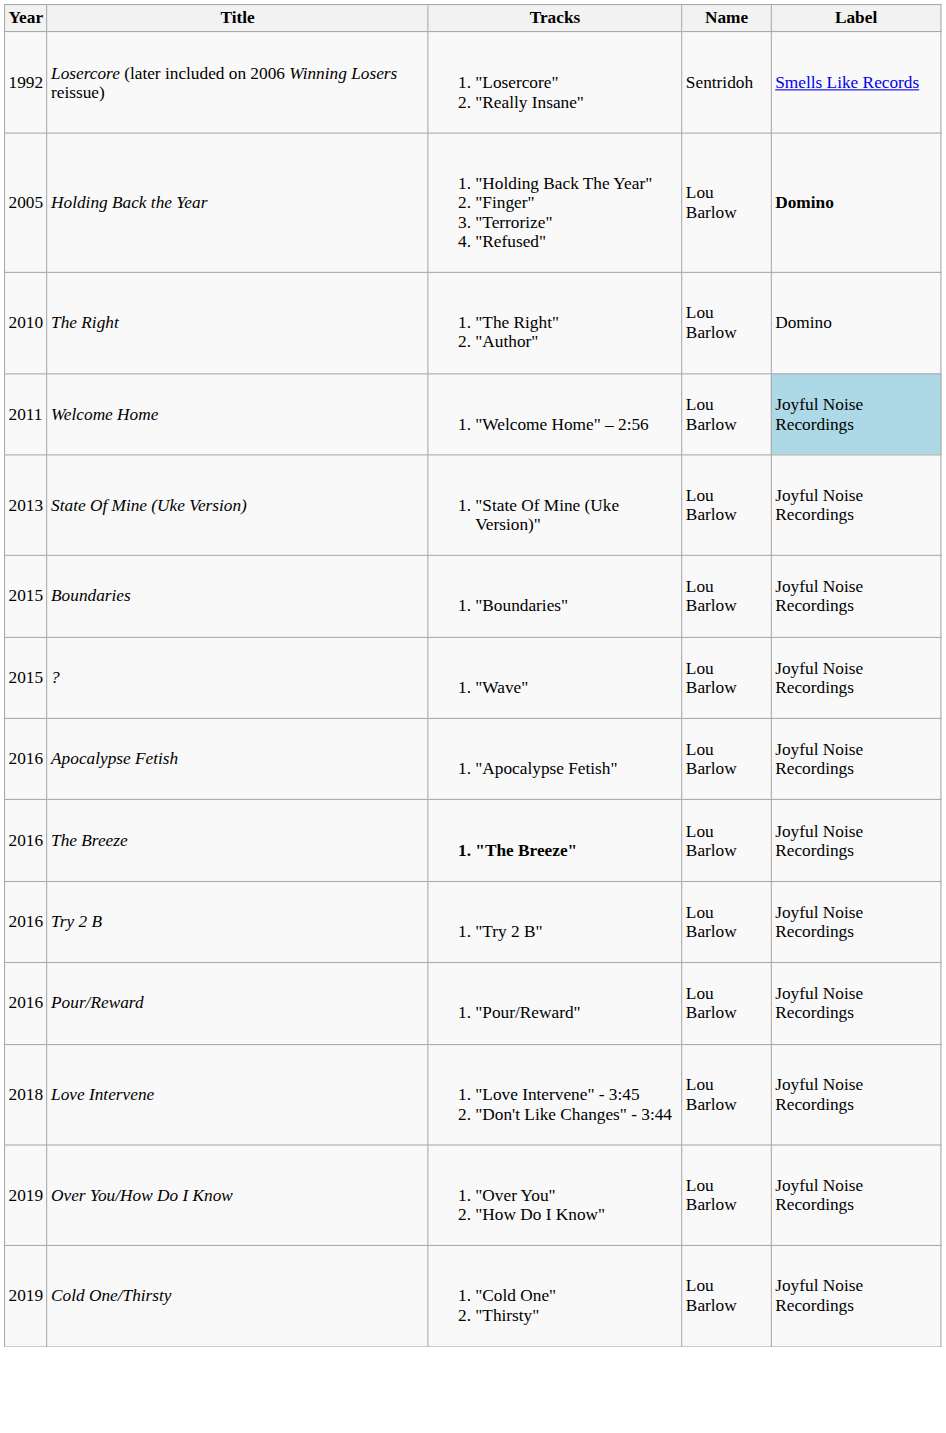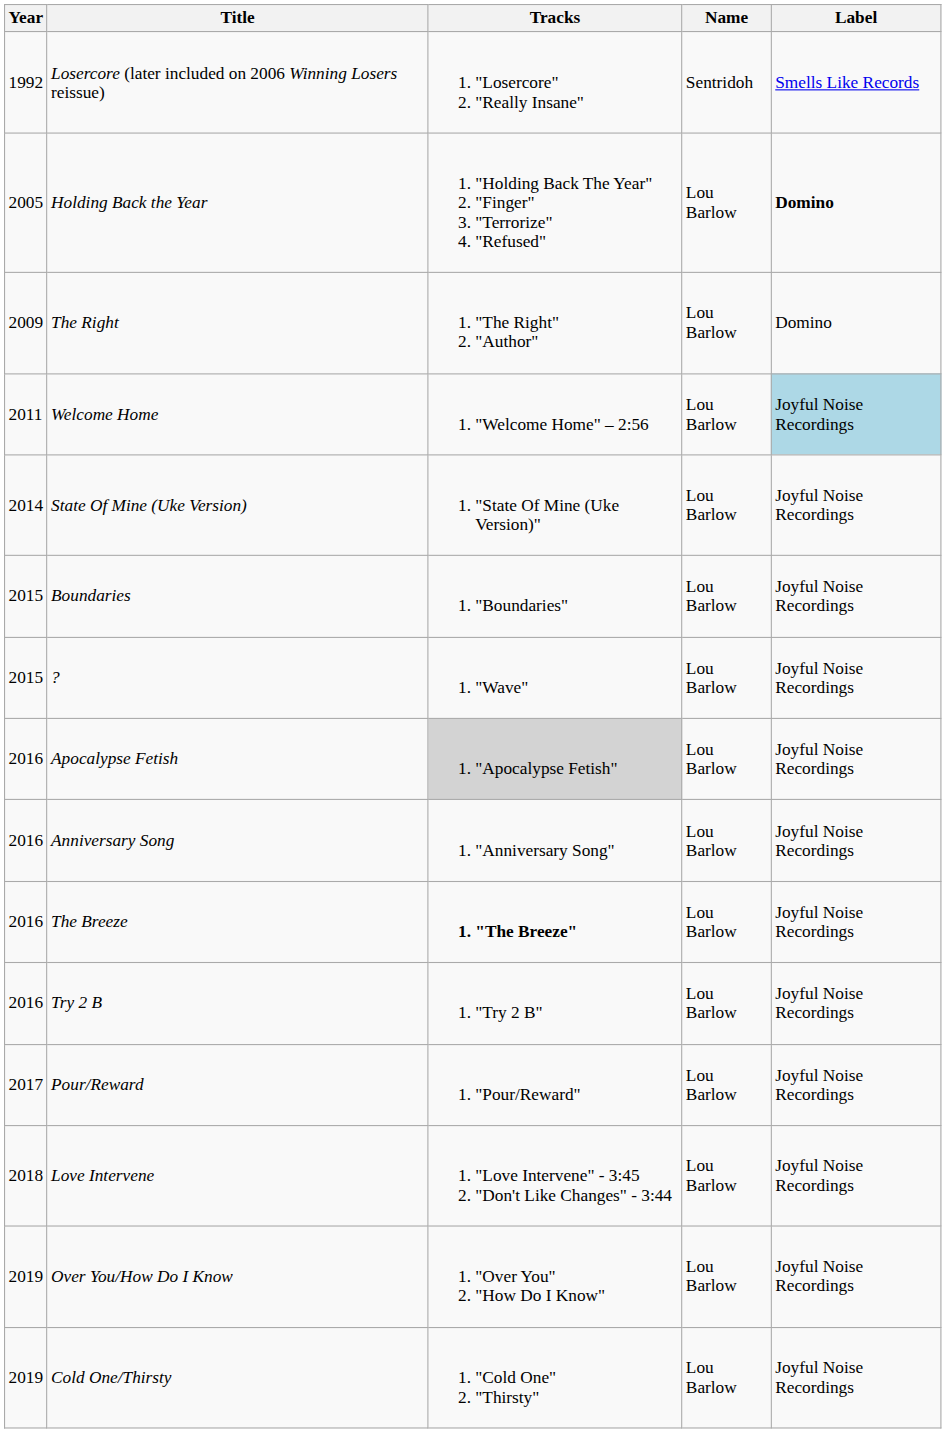 <table class="wikitable">
 <tr>
 <th>Year</th>
 <th>Title</th>
 <th>Tracks</th>
 <th>Name</th>
 <th>Label</th>
 </tr>
 <tr>
 <td>1992</td>
 <td><em>Losercore</em> (later included on 2006 <em>Winning Losers</em> reissue)</td>
 <td><br><ol><li>"Losercore"</li><li>"Really Insane"</li></ol></td>
 <td>Sentridoh</td>
 <td><a href='#'>Smells Like Records</a></td>
 </tr>
 <tr>
 <td>2005</td>
 <td><em>Holding Back the Year</em></td>
 <td><br><ol><li>"Holding Back The Year"</li><li>"Finger"</li><li>"Terrorize"</li><li>"Refused"</li></ol></td>
 <td>Lou Barlow</td>
 <td><strong>Domino</strong></td>
 </tr>
 <tr>
-<td>2010</td>
+<td>2009</td>
 <td><em>The Right</em></td>
 <td><br><ol><li>"The Right"</li><li>"Author"</li></ol></td>
 <td>Lou Barlow</td>
 <td>Domino</td>
 </tr>
 <tr>
 <td>2011</td>
 <td><em>Welcome Home</em></td>
 <td><br><ol><li>"Welcome Home" – 2:56</li></ol></td>
 <td>Lou Barlow</td>
 <td style="background: lightblue;">Joyful Noise Recordings</td>
 </tr>
 <tr>
-<td>2013</td>
+<td>2014</td>
 <td><em>State Of Mine (Uke Version)</em></td>
 <td><br><ol><li>"State Of Mine (Uke Version)"</li></ol></td>
 <td>Lou Barlow</td>
 <td>Joyful Noise Recordings</td>
 </tr>
 <tr>
 <td>2015</td>
 <td><em>Boundaries</em></td>
 <td><br><ol><li>"Boundaries"</li></ol></td>
 <td>Lou Barlow</td>
 <td>Joyful Noise Recordings</td>
 </tr>
 <tr>
 <td>2015</td>
 <td><em>?</em></td>
 <td><br><ol><li>"Wave"</li></ol></td>
 <td>Lou Barlow</td>
 <td>Joyful Noise Recordings</td>
 </tr>
 <tr>
 <td>2016</td>
 <td><em>Apocalypse Fetish</em></td>
-<td><br><ol><li>"Apocalypse Fetish"</li></ol></td>
+<td style="background: lightgrey;"><br><ol><li>"Apocalypse Fetish"</li></ol></td>
+<td>Lou Barlow</td>
+<td>Joyful Noise Recordings</td>
+</tr>
+<tr>
+<td>2016</td>
+<td><em>Anniversary Song</em></td>
+<td><br><ol><li>"Anniversary Song"</li></ol></td>
 <td>Lou Barlow</td>
 <td>Joyful Noise Recordings</td>
 </tr>
 <tr>
 <td>2016</td>
 <td><em>The Breeze</em></td>
 <td><strong><br><ol><li>"The Breeze"</li></ol></strong></td>
 <td>Lou Barlow</td>
 <td>Joyful Noise Recordings</td>
 </tr>
 <tr>
 <td>2016</td>
 <td><em>Try 2 B</em></td>
 <td><br><ol><li>"Try 2 B"</li></ol></td>
 <td>Lou Barlow</td>
 <td>Joyful Noise Recordings</td>
 </tr>
 <tr>
-<td>2016</td>
+<td>2017</td>
 <td><em>Pour/Reward</em></td>
 <td><br><ol><li>"Pour/Reward"</li></ol></td>
 <td>Lou Barlow</td>
 <td>Joyful Noise Recordings</td>
 </tr>
 <tr>
 <td>2018</td>
 <td><em>Love Intervene</em></td>
 <td><br><ol><li>"Love Intervene" - 3:45</li><li>"Don't Like Changes" - 3:44</li></ol></td>
 <td>Lou Barlow</td>
 <td>Joyful Noise Recordings</td>
 </tr>
 <tr>
 <td>2019</td>
 <td><em>Over You/How Do I Know</em></td>
 <td><br><ol><li>"Over You"</li><li>"How Do I Know"</li></ol></td>
 <td>Lou Barlow</td>
 <td>Joyful Noise Recordings</td>
 </tr>
 <tr>
 <td>2019</td>
 <td><em>Cold One/Thirsty</em></td>
 <td><br><ol><li>"Cold One"</li><li>"Thirsty"</li></ol></td>
 <td>Lou Barlow</td>
 <td>Joyful Noise Recordings</td>
 </tr>
 </table>
